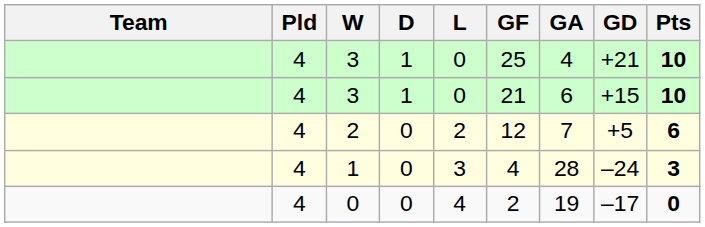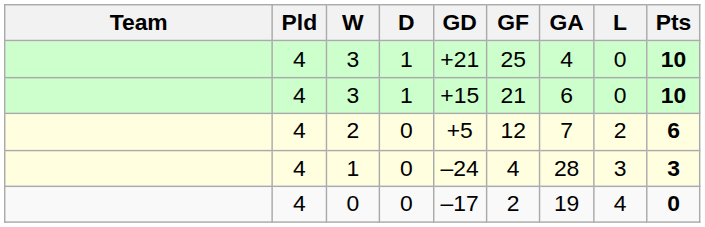 <table class=wikitable style="text-align:center">
 <tr>
 <th style="width:180px;">Team</th>
 <th width="30">Pld</th>
 <th width="30">W</th>
 <th width="30">D</th>
-<th width="30">L</th>
+<th width="30">GD</th>
 <th width="30">GF</th>
 <th width="30">GA</th>
-<th width="30">GD</th>
+<th width="30">L</th>
 <th width="30">Pts</th>
 </tr>
 <tr style="background:#cfc;">
 <td style="text-align:left"></td>
 <td>4</td>
 <td>3</td>
 <td>1</td>
-<td>0</td>
+<td>+21</td>
 <td>25</td>
 <td>4</td>
-<td>+21</td>
+<td>0</td>
 <td><strong>10</strong></td>
 </tr>
 <tr style="background:#cfc;">
 <td style="text-align:left"></td>
 <td>4</td>
 <td>3</td>
 <td>1</td>
-<td>0</td>
+<td>+15</td>
 <td>21</td>
 <td>6</td>
-<td>+15</td>
+<td>0</td>
 <td><strong>10</strong></td>
 </tr>
 <tr style="background:lightyellow;">
 <td style="text-align:left"></td>
 <td>4</td>
 <td>2</td>
 <td>0</td>
-<td>2</td>
+<td>+5</td>
 <td>12</td>
 <td>7</td>
-<td>+5</td>
+<td>2</td>
 <td><strong>6</strong></td>
 </tr>
 <tr style="background:lightyellow;">
 <td style="text-align:left"></td>
 <td>4</td>
 <td>1</td>
 <td>0</td>
-<td>3</td>
+<td>–24</td>
 <td>4</td>
 <td>28</td>
-<td>–24</td>
+<td>3</td>
 <td><strong>3</strong></td>
 </tr>
 <tr>
 <td style="text-align:left"></td>
 <td>4</td>
 <td>0</td>
 <td>0</td>
-<td>4</td>
+<td>–17</td>
 <td>2</td>
 <td>19</td>
-<td>–17</td>
+<td>4</td>
 <td><strong>0</strong></td>
 </tr>
 </table>
